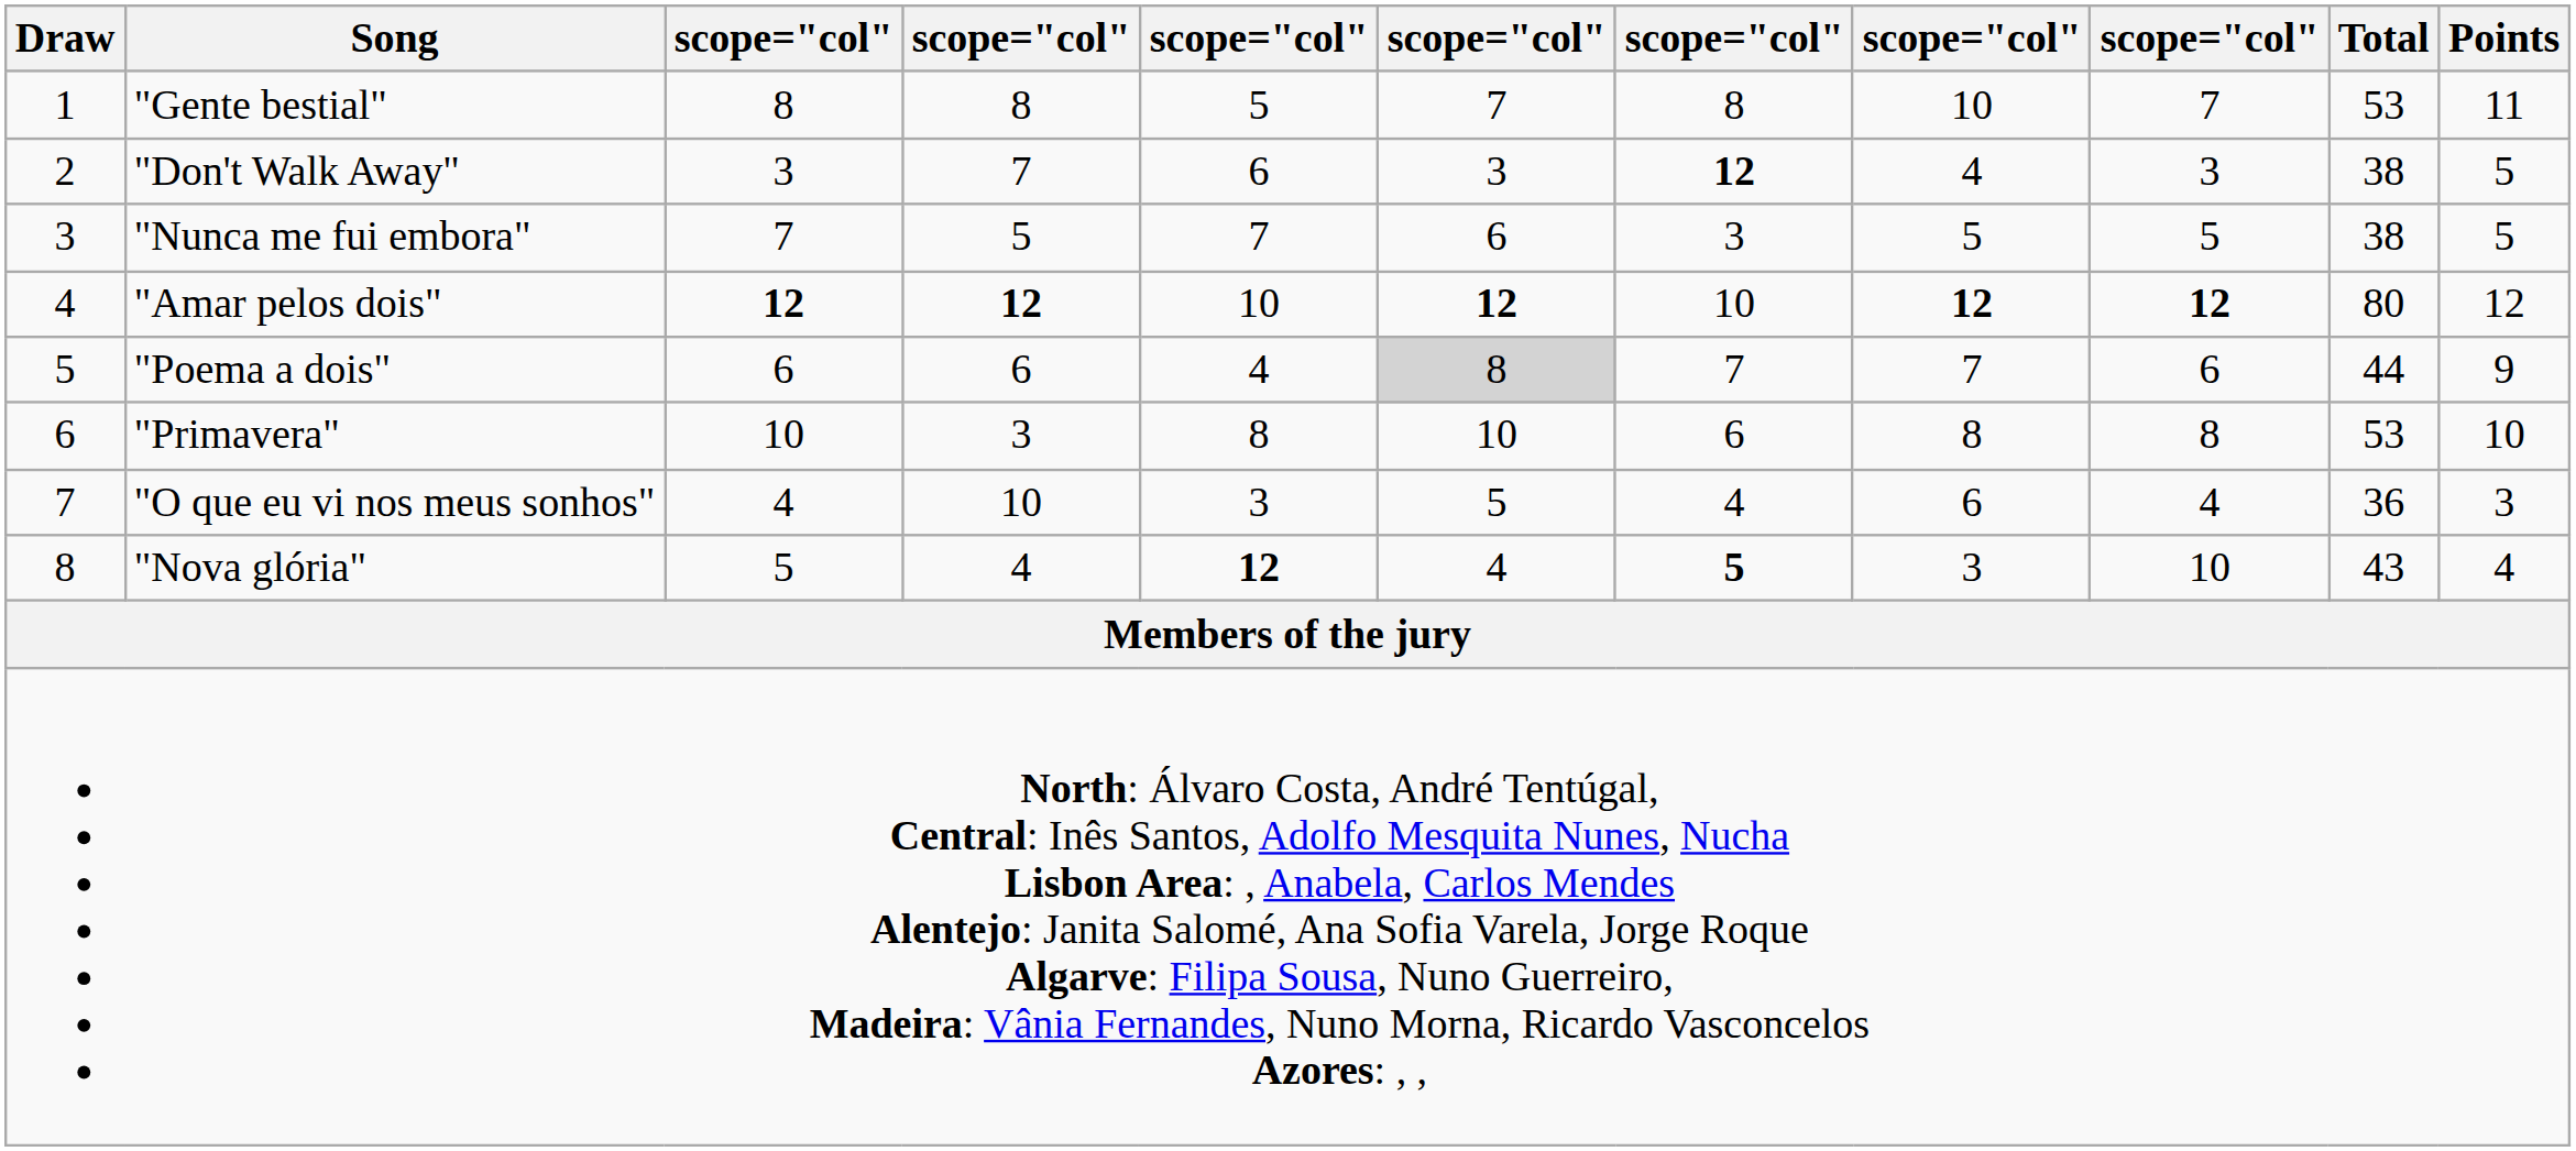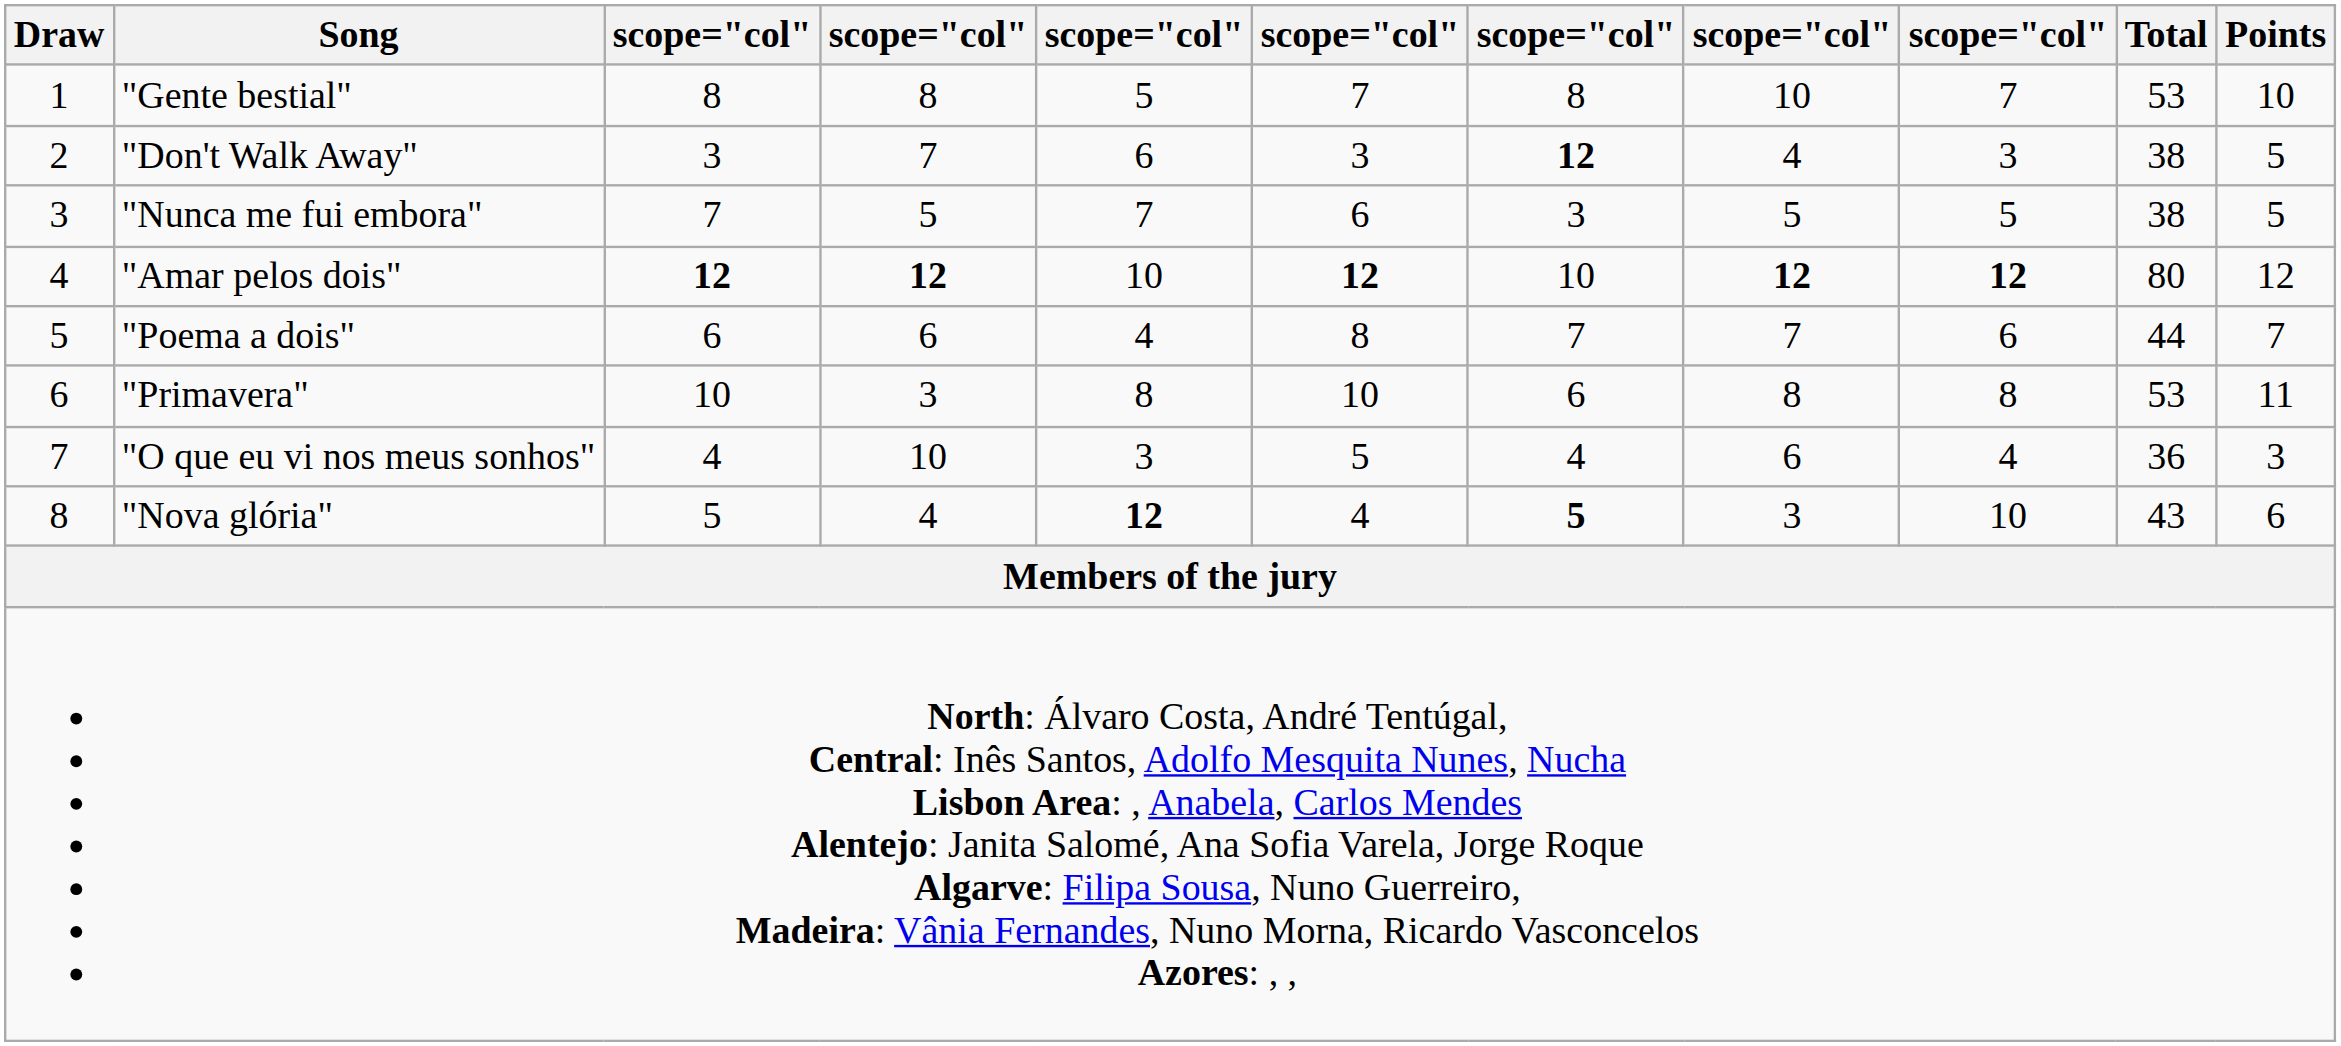 <table class="wikitable collapsible" style="margin: 1em auto 1em auto; text-align:center;">
 <tr>
 <th>Draw</th>
 <th>Song</th>
 <th>scope="col" </th>
 <th>scope="col" </th>
 <th>scope="col" </th>
 <th>scope="col" </th>
 <th>scope="col" </th>
 <th>scope="col" </th>
 <th>scope="col" </th>
 <th>Total</th>
 <th>Points</th>
 </tr>
 <tr>
 <td>1</td>
 <td align="left">"Gente bestial"</td>
 <td>8</td>
 <td>8</td>
 <td>5</td>
 <td>7</td>
 <td>8</td>
 <td>10</td>
 <td>7</td>
 <td>53</td>
-<td>11</td>
+<td>10</td>
 </tr>
 <tr>
 <td>2</td>
 <td align="left">"Don't Walk Away"</td>
 <td>3</td>
 <td>7</td>
 <td>6</td>
 <td>3</td>
 <td><strong>12</strong></td>
 <td>4</td>
 <td>3</td>
 <td>38</td>
 <td>5</td>
 </tr>
 <tr>
 <td>3</td>
 <td align="left">"Nunca me fui embora"</td>
 <td>7</td>
 <td>5</td>
 <td>7</td>
 <td>6</td>
 <td>3</td>
 <td>5</td>
 <td>5</td>
 <td>38</td>
 <td>5</td>
 </tr>
 <tr>
 <td>4</td>
 <td align="left">"Amar pelos dois"</td>
 <td><strong>12</strong></td>
 <td><strong>12</strong></td>
 <td>10</td>
 <td><strong>12</strong></td>
 <td>10</td>
 <td><strong>12</strong></td>
 <td><strong>12</strong></td>
 <td>80</td>
 <td>12</td>
 </tr>
 <tr>
 <td>5</td>
 <td align="left">"Poema a dois"</td>
 <td>6</td>
 <td>6</td>
 <td>4</td>
-<td style="background: lightgrey;">8</td>
+<td>8</td>
 <td>7</td>
 <td>7</td>
 <td>6</td>
 <td>44</td>
-<td>9</td>
+<td>7</td>
 </tr>
 <tr>
 <td>6</td>
 <td align="left">"Primavera"</td>
 <td>10</td>
 <td>3</td>
 <td>8</td>
 <td>10</td>
 <td>6</td>
 <td>8</td>
 <td>8</td>
 <td>53</td>
-<td>10</td>
+<td>11</td>
 </tr>
 <tr>
 <td>7</td>
 <td align="left">"O que eu vi nos meus sonhos"</td>
 <td>4</td>
 <td>10</td>
 <td>3</td>
 <td>5</td>
 <td>4</td>
 <td>6</td>
 <td>4</td>
 <td>36</td>
 <td>3</td>
 </tr>
 <tr>
 <td>8</td>
 <td align="left">"Nova glória"</td>
 <td>5</td>
 <td>4</td>
 <td><strong>12</strong></td>
 <td>4</td>
 <td><strong>5</strong></td>
 <td>3</td>
 <td>10</td>
 <td>43</td>
-<td>4</td>
+<td>6</td>
 </tr>
 <tr>
 <th colspan="11">Members of the jury</th>
 </tr>
 <tr>
 <td colspan="11"><br><ul><li><strong>North</strong>: Álvaro Costa, André Tentúgal, </li><li><strong>Central</strong>: Inês Santos, <a href='#'>Adolfo Mesquita Nunes</a>, <a href='#'>Nucha</a></li><li><strong>Lisbon Area</strong>: , <a href='#'>Anabela</a>, <a href='#'>Carlos Mendes</a></li><li><strong>Alentejo</strong>: Janita Salomé, Ana Sofia Varela, Jorge Roque</li><li><strong>Algarve</strong>: <a href='#'>Filipa Sousa</a>, Nuno Guerreiro, </li><li><strong>Madeira</strong>: <a href='#'>Vânia Fernandes</a>, Nuno Morna, Ricardo Vasconcelos</li><li><strong>Azores</strong>: , , </li></ul></td>
 </tr>
 </table>
